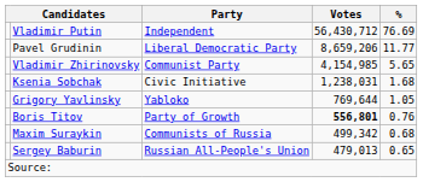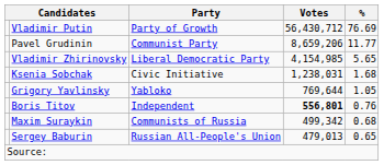 <table class=wikitable style=text-align:right>
 <tr>
 <th colspan=2>Candidates</th>
 <th>Party</th>
 <th>Votes</th>
 <th>%</th>
 </tr>
 <tr>
 <td style="background:"></td>
 <td align="left"><a href='#'>Vladimir Putin</a></td>
-<td align="left"><a href='#'>Independent</a></td>
+<td align="left"><a href='#'>Party of Growth</a></td>
 <td>56,430,712</td>
 <td>76.69</td>
 </tr>
 <tr>
 <td style="background:"></td>
 <td align=left>Pavel Grudinin</td>
-<td align=left><a href='#'>Liberal Democratic Party</a></td>
+<td align=left><a href='#'>Communist Party</a></td>
 <td>8,659,206</td>
 <td>11.77</td>
 </tr>
 <tr>
 <td style="background:"></td>
 <td align=left><a href='#'>Vladimir Zhirinovsky</a></td>
-<td align=left><a href='#'>Communist Party</a></td>
+<td align=left><a href='#'>Liberal Democratic Party</a></td>
 <td>4,154,985</td>
 <td>5.65</td>
 </tr>
 <tr>
 <td style="background:"></td>
 <td align="left"><a href='#'>Ksenia Sobchak</a></td>
 <td align="left">Civic Initiative</td>
 <td>1,238,031</td>
 <td>1.68</td>
 </tr>
 <tr>
 <td style="background:"></td>
 <td align="left"><a href='#'>Grigory Yavlinsky</a></td>
 <td align="left"><a href='#'>Yabloko</a></td>
 <td>769,644</td>
 <td>1.05</td>
 </tr>
 <tr>
 <td style="background:"></td>
 <td align="left"><a href='#'>Boris Titov</a></td>
-<td align="left"><a href='#'>Party of Growth</a></td>
+<td align="left"><a href='#'>Independent</a></td>
 <td><strong>556,801</strong></td>
 <td>0.76</td>
 </tr>
 <tr>
 <td style="background:"></td>
 <td align="left"><a href='#'>Maxim Suraykin</a></td>
 <td align="left"><a href='#'>Communists of Russia</a></td>
 <td>499,342</td>
 <td>0.68</td>
 </tr>
 <tr>
 <td style="background:"></td>
 <td align="left"><a href='#'>Sergey Baburin</a></td>
 <td align="left"><a href='#'>Russian All-People's Union</a></td>
 <td>479,013</td>
 <td>0.65</td>
 </tr>
 <tr>
 <td align=left colspan=5>Source: </td>
 </tr>
 </table>
